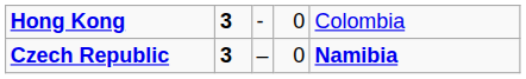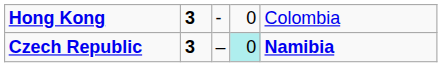 <table class="wikitable">
 <tr>
 <td width=150> <strong><a href='#'>Hong Kong</a></strong></td>
 <td style="width:20px; text-align:left;"><strong>3</strong></td>
 <td>-</td>
 <td style="width:20px; text-align:right;">0</td>
 <td width=150> <a href='#'>Colombia</a></td>
 </tr>
 <tr>
 <td> <strong><a href='#'>Czech Republic</a></strong></td>
 <td style="text-align:left;"><strong>3</strong></td>
 <td>–</td>
-<td style="text-align:right;">0</td>
+<td style="background: paleturquoise; text-align:right;">0</td>
 <td><strong> <a href='#'>Namibia</a></strong></td>
 </tr>
 </table>
